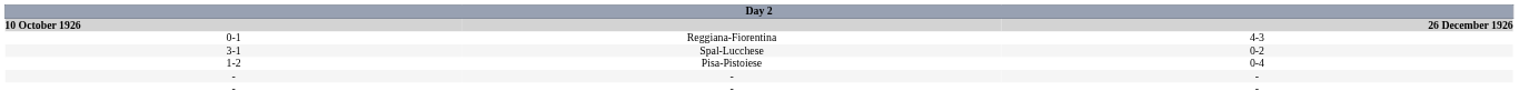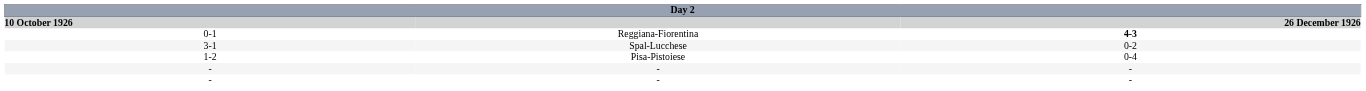 <table border=0 cellspacing=0 cellpadding=0 style="font-size: 85%; border-collapse: collapse;" width=95%>
 <tr>
 <td colspan=5 bgcolor=#98A1B2 style="border:1px solid #7A8392;text-align:center;"><span><strong>Day 2</strong></span></td>
 </tr>
 <tr bgcolor="D3D3D3">
 <th align=left>10 October 1926</th>
 <th></th>
 <th align=right>26 December 1926</th>
 </tr>
 <tr align=center bgcolor=#FFFFFF>
 <td>0-1</td>
 <td>Reggiana-Fiorentina</td>
-<td>4-3</td>
+<td><strong>4-3</strong></td>
 </tr>
 <tr align=center bgcolor=#F5F5F5>
 <td>3-1</td>
 <td>Spal-Lucchese</td>
 <td>0-2</td>
 </tr>
 <tr align=center bgcolor=#FFFFFF>
 <td>1-2</td>
 <td>Pisa-Pistoiese</td>
 <td>0-4</td>
 </tr>
 <tr align=center bgcolor=#F5F5F5>
 <td>-</td>
 <td>-</td>
 <td>-</td>
 </tr>
 <tr align=center bgcolor=#FFFFFF>
 <td>-</td>
 <td>-</td>
 <td>-</td>
 </tr>
 </table>
